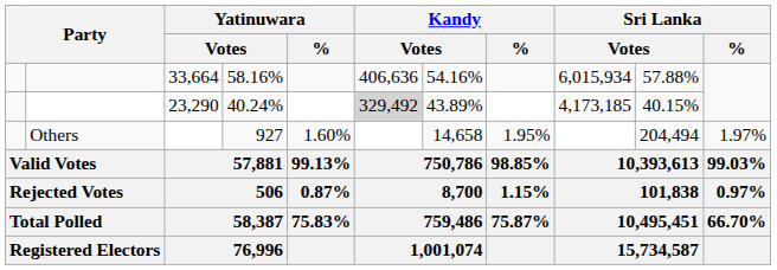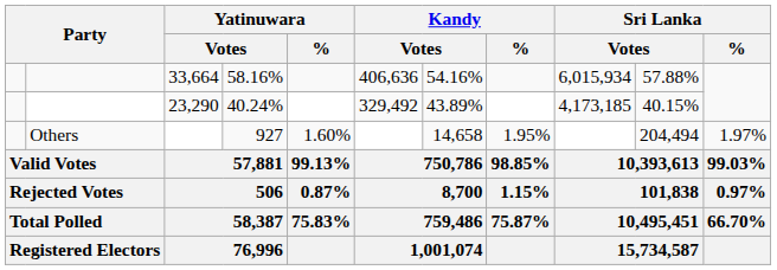 <table class="wikitable">
 <tr>
 <th colspan="2" rowspan="2">Party</th>
 <th colspan="3">Yatinuwara</th>
 <th colspan="3"><a href='#'>Kandy</a></th>
 <th colspan="3">Sri Lanka</th>
 </tr>
 <tr>
 <th colspan="2">Votes</th>
 <th>%</th>
 <th colspan="2">Votes</th>
 <th>%</th>
 <th colspan="2">Votes</th>
 <th>%</th>
 </tr>
 <tr>
 <td></td>
 <td style="background-color:"></td>
 <td style="text-align:right;">33,664</td>
 <td style="text-align:right;">58.16%</td>
 <td style="background-color:"></td>
 <td style="text-align:right;">406,636</td>
 <td style="text-align:right;">54.16%</td>
 <td style="background-color:"></td>
 <td style="text-align:right;">6,015,934</td>
 <td style="text-align:right;">57.88%</td>
 </tr>
 <tr>
 <td></td>
 <td style="background-color:white;"></td>
 <td style="text-align:right;">23,290</td>
 <td style="text-align:right;">40.24%</td>
 <td style="background-color:white;"></td>
-<td style="background: lightgrey; text-align:right;">329,492</td>
+<td style="text-align:right;">329,492</td>
 <td style="text-align:right;">43.89%</td>
 <td style="background-color:white;"></td>
 <td style="text-align:right;">4,173,185</td>
 <td style="text-align:right;">40.15%</td>
 </tr>
 <tr>
 <td style="background-color:"></td>
 <td style="text-align:left;">Others</td>
 <td style="background-color:white;"></td>
 <td style="text-align:right;">927</td>
 <td style="text-align:right;">1.60%</td>
 <td style="background-color:white;"></td>
 <td style="text-align:right;">14,658</td>
 <td style="text-align:right;">1.95%</td>
 <td style="background-color:white;"></td>
 <td style="text-align:right;">204,494</td>
 <td style="text-align:right;">1.97%</td>
 </tr>
 <tr>
 <th colspan="2" style="text-align:left;">Valid Votes</th>
 <th style="text-align:right;"colspan="2">57,881</th>
 <th style="text-align:right;">99.13%</th>
 <th style="text-align:right;"colspan="2">750,786</th>
 <th style="text-align:right;">98.85%</th>
 <th style="text-align:right;"colspan="2">10,393,613</th>
 <th style="text-align:right;">99.03%</th>
 </tr>
 <tr>
 <th colspan="2" style="text-align:left;">Rejected Votes</th>
 <th style="text-align:right;"colspan="2">506</th>
 <th style="text-align:right;">0.87%</th>
 <th style="text-align:right;"colspan="2">8,700</th>
 <th style="text-align:right;">1.15%</th>
 <th style="text-align:right;"colspan="2">101,838</th>
 <th style="text-align:right;">0.97%</th>
 </tr>
 <tr>
 <th colspan="2" style="text-align:left;">Total Polled</th>
 <th style="text-align:right;"colspan="2">58,387</th>
 <th style="text-align:right;">75.83%</th>
 <th style="text-align:right;"colspan="2">759,486</th>
 <th style="text-align:right;">75.87%</th>
 <th style="text-align:right;"colspan="2">10,495,451</th>
 <th style="text-align:right;">66.70%</th>
 </tr>
 <tr>
 <th colspan="2" style="text-align:left;">Registered Electors</th>
 <th style="text-align:right;"colspan="2">76,996</th>
 <th></th>
 <th style="text-align:right;"colspan="2">1,001,074</th>
 <th></th>
 <th style="text-align:right;"colspan="2">15,734,587</th>
 <th></th>
 </tr>
 </table>
